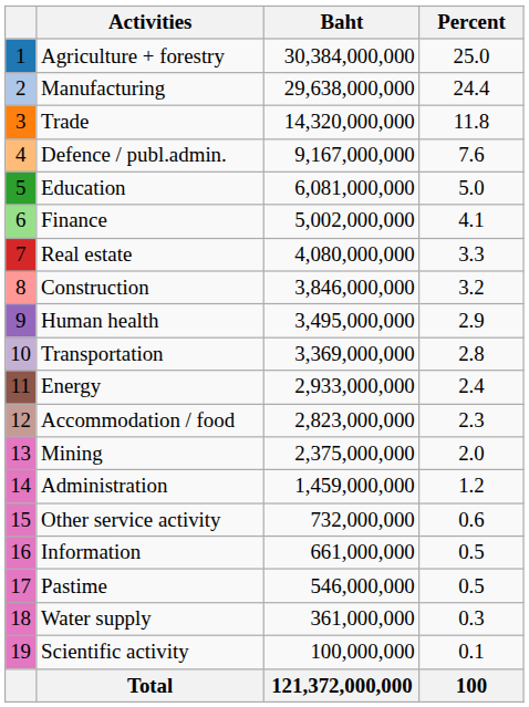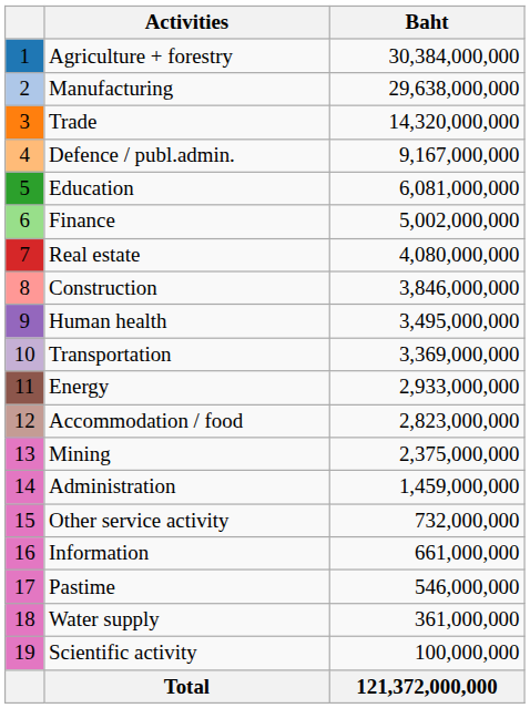 <table class="wikitable" style="width:45%; display:inline-table;">
 <tr>
 <th style="width:6%;"> </th>
 <th style="width:44%;">Activities</th>
 <th style="width:30%;">Baht</th>
-<th style="width:20%;">Percent</th>
 </tr>
 <tr>
 <td style="text-align:center; background:#1f77b4;">1</td>
 <td>Agriculture + forestry</td>
 <td style="text-align:right;">30,384,000,000</td>
-<td style="text-align:center;">25.0</td>
 </tr>
 <tr>
 <td style="text-align:center; background:#aec7e8;">2</td>
 <td>Manufacturing</td>
 <td style="text-align:right;">29,638,000,000</td>
-<td style="text-align:center;">24.4</td>
 </tr>
 <tr>
 <td style="text-align:center; background:#ff7f0e;">3</td>
 <td>Trade</td>
 <td style="text-align:right;">14,320,000,000</td>
-<td style="text-align:center;">11.8</td>
 </tr>
 <tr>
 <td style="text-align:center; background:#ffbb78;">4</td>
 <td>Defence / publ.admin.</td>
 <td style="text-align:right;">9,167,000,000</td>
-<td style="text-align:center;">7.6</td>
 </tr>
 <tr>
 <td style="text-align:center; background:#2ca02c;">5</td>
 <td>Education</td>
 <td style="text-align:right;">6,081,000,000</td>
-<td style="text-align:center;">5.0</td>
 </tr>
 <tr>
 <td style="text-align:center; background:#98df8a;">6</td>
 <td>Finance</td>
 <td style="text-align:right;">5,002,000,000</td>
-<td style="text-align:center;">4.1</td>
 </tr>
 <tr>
 <td style="text-align:center; background:#d62728;">7</td>
 <td>Real estate</td>
 <td style="text-align:right;">4,080,000,000</td>
-<td style="text-align:center;">3.3</td>
 </tr>
 <tr>
 <td style="text-align:center; background:#ff9896;">8</td>
 <td>Construction</td>
 <td style="text-align:right;">3,846,000,000</td>
-<td style="text-align:center;">3.2</td>
 </tr>
 <tr>
 <td style="text-align:center; background:#9467bd;">9</td>
 <td>Human health</td>
 <td style="text-align:right;">3,495,000,000</td>
-<td style="text-align:center;">2.9</td>
 </tr>
 <tr>
 <td style="text-align:center; background:#c5b0d5;">10</td>
 <td>Transportation</td>
 <td style="text-align:right;">3,369,000,000</td>
-<td style="text-align:center;">2.8</td>
 </tr>
 <tr>
 <td style="text-align:center; background:#8c564b;">11</td>
 <td>Energy</td>
 <td style="text-align:right;">2,933,000,000</td>
-<td style="text-align:center;">2.4</td>
 </tr>
 <tr>
 <td style="text-align:center; background:#c49c94;">12</td>
 <td>Accommodation / food</td>
 <td style="text-align:right;">2,823,000,000</td>
-<td style="text-align:center;">2.3</td>
 </tr>
 <tr>
 <td style="text-align:center;background:#e377c2;">13</td>
 <td>Mining</td>
 <td style="text-align:right;">2,375,000,000</td>
-<td style="text-align:center;">2.0</td>
 </tr>
 <tr>
 <td style="text-align:center; background:#e377c2;">14</td>
 <td>Administration</td>
 <td style="text-align:right;">1,459,000,000</td>
-<td style="text-align:center;">1.2</td>
 </tr>
 <tr>
 <td style="text-align:center; background:#e377c2;">15</td>
 <td>Other service activity</td>
 <td style="text-align:right;">732,000,000</td>
-<td style="text-align:center;">0.6</td>
 </tr>
 <tr>
 <td style="text-align:center; background:#e377c2;">16</td>
 <td>Information</td>
 <td style="text-align:right;">661,000,000</td>
-<td style="text-align:center;">0.5</td>
 </tr>
 <tr>
 <td style="text-align:center; background:#e377c2;">17</td>
 <td>Pastime</td>
 <td style="text-align:right;">546,000,000</td>
-<td style="text-align:center;">0.5</td>
 </tr>
 <tr>
 <td style="text-align:center; background:#e377c2;">18</td>
 <td>Water supply</td>
 <td style="text-align:right;">361,000,000</td>
-<td style="text-align:center;">0.3</td>
 </tr>
 <tr>
 <td style="text-align:center; background:#e377c2;">19</td>
 <td>Scientific activity</td>
 <td style="text-align:right;">100,000,000</td>
-<td style="text-align:center;">0.1</td>
 </tr>
 <tr>
 <th> </th>
 <th>Total</th>
 <th>121,372,000,000</th>
-<th>100</th>
 </tr>
 </table>
